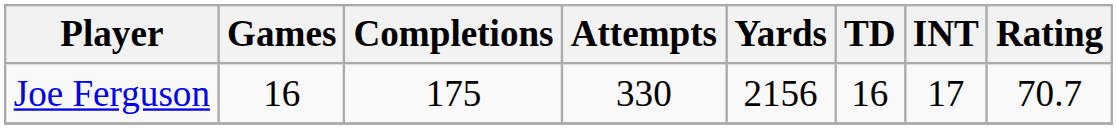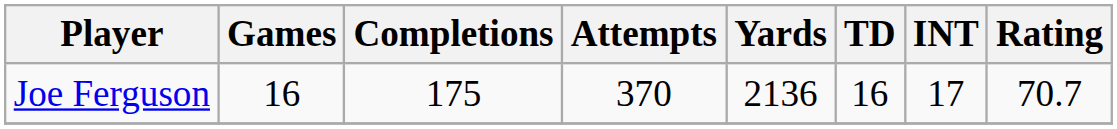 <table class="wikitable">
 <tr>
 <th>Player</th>
 <th>Games</th>
 <th>Completions</th>
 <th>Attempts</th>
 <th>Yards</th>
 <th>TD</th>
 <th>INT</th>
 <th>Rating</th>
 </tr>
 <tr align="center">
 <td><a href='#'>Joe Ferguson</a></td>
 <td>16</td>
 <td>175</td>
-<td>330</td>
-<td>2156</td>
+<td>370</td>
+<td>2136</td>
 <td>16</td>
 <td>17</td>
 <td>70.7</td>
 </tr>
 <tr align="center">
 </tr>
 </table>
